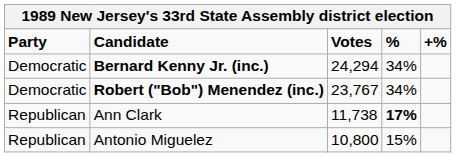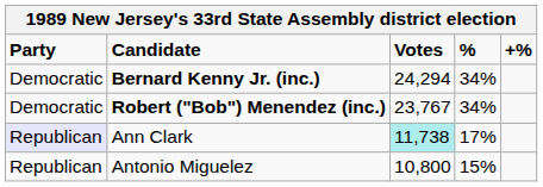 <table class="wikitable">
 <tr>
 <th colspan="5">1989 New Jersey's 33rd State Assembly district election</th>
 </tr>
 <tr>
 <td><strong>Party</strong></td>
 <td><strong>Candidate</strong></td>
 <td><strong>Votes</strong></td>
 <td><strong>%</strong></td>
 <td><strong>+%</strong></td>
 </tr>
 <tr>
 <td>Democratic</td>
 <td><strong>Bernard Kenny Jr. (inc.)</strong></td>
 <td>24,294</td>
 <td>34%</td>
 <td></td>
 </tr>
 <tr>
 <td>Democratic</td>
 <td><strong>Robert ("Bob") Menendez (inc.)</strong></td>
 <td>23,767</td>
 <td>34%</td>
 <td></td>
 </tr>
 <tr>
-<td>Republican</td>
+<td style="background: lavender;">Republican</td>
 <td>Ann Clark</td>
-<td>11,738</td>
-<td><strong>17%</strong></td>
+<td style="background: paleturquoise;">11,738</td>
+<td>17%</td>
 <td></td>
 </tr>
 <tr>
 <td>Republican</td>
 <td>Antonio Miguelez</td>
 <td>10,800</td>
 <td>15%</td>
 <td></td>
 </tr>
 </table>
